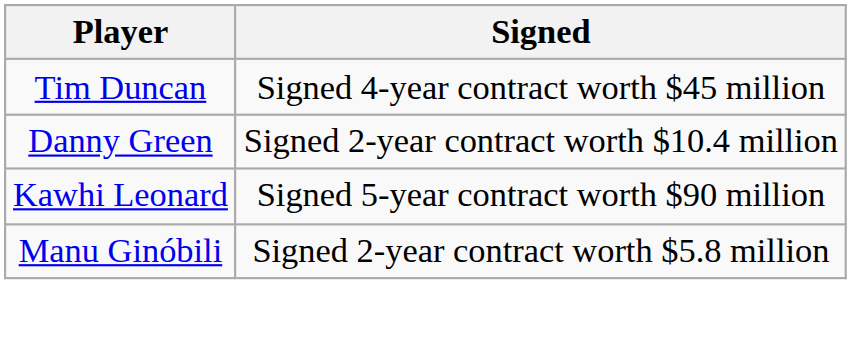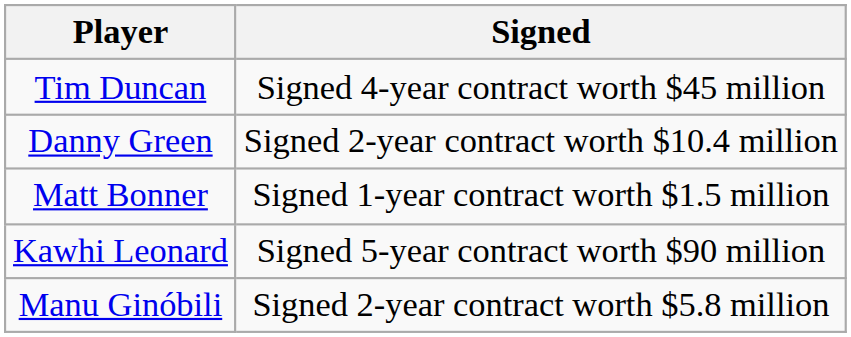 <table class="wikitable sortable sortable">
 <tr>
 <th>Player</th>
 <th>Signed</th>
 </tr>
 <tr style="text-align: center">
 <td><a href='#'>Tim Duncan</a></td>
 <td>Signed 4-year contract worth $45 million</td>
 </tr>
 <tr style="text-align: center">
 <td><a href='#'>Danny Green</a></td>
 <td>Signed 2-year contract worth $10.4 million</td>
 </tr>
 <tr style="text-align: center">
+<td><a href='#'>Matt Bonner</a></td>
+<td>Signed 1-year contract worth $1.5 million</td>
+</tr>
+<tr style="text-align: center">
 <td><a href='#'>Kawhi Leonard</a></td>
 <td>Signed 5-year contract worth $90 million</td>
 </tr>
 <tr style="text-align: center">
 <td><a href='#'>Manu Ginóbili</a></td>
 <td>Signed 2-year contract worth $5.8 million</td>
 </tr>
 </table>
